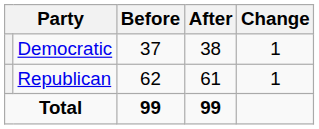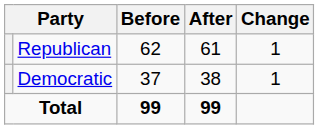 <table class="wikitable" style="text-align:center;">
 <tr>
 <th colspan="2">Party</th>
 <th>Before</th>
 <th>After</th>
 <th>Change</th>
 </tr>
 <tr>
 <th style="background-color:"></th>
-<td style="text-align:left;"><a href='#'>Democratic</a></td>
-<td>37</td>
-<td>38</td>
+<td style="text-align:left;"><a href='#'>Republican</a></td>
+<td>62</td>
+<td>61</td>
 <td> 1</td>
 </tr>
 <tr>
 <th style="background-color:"></th>
-<td style="text-align:left;"><a href='#'>Republican</a></td>
-<td>62</td>
-<td>61</td>
+<td style="text-align:left;"><a href='#'>Democratic</a></td>
+<td>37</td>
+<td>38</td>
 <td> 1</td>
 </tr>
 <tr>
 <td colspan="2"><strong>Total</strong></td>
 <td><strong>99</strong></td>
 <td><strong>99</strong></td>
 <td></td>
 </tr>
 </table>
